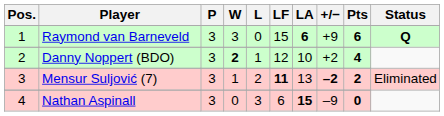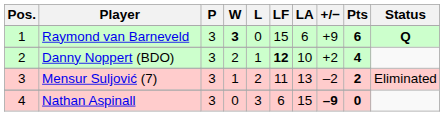 <table class="wikitable" style="text-align:center; margin: 1em auto 1em auto, align:left">
 <tr>
 <th width=20>Pos.</th>
 <th width=185>Player</th>
 <th width=20>P</th>
 <th width=20>W</th>
 <th width=20>L</th>
 <th width=20>LF</th>
 <th width=20>LA</th>
 <th width=25>+/−</th>
 <th width=20>Pts</th>
 <th width=70>Status</th>
 </tr>
 <tr>
 </tr>
 <tr style="background:#CCFFCC;">
 <td>1</td>
 <td align=left> <a href='#'>Raymond van Barneveld</a></td>
 <td>3</td>
-<td>3</td>
+<td><strong>3</strong></td>
 <td>0</td>
 <td>15</td>
-<td><strong>6</strong></td>
+<td>6</td>
 <td>+9</td>
 <td><strong>6</strong></td>
 <td rowspan=2><strong>Q</strong></td>
 </tr>
 <tr>
 </tr>
 <tr style="background:#CCFFCC;">
 <td>2</td>
 <td align=left> <a href='#'>Danny Noppert</a> (BDO)</td>
 <td>3</td>
-<td><strong>2</strong></td>
+<td>2</td>
 <td>1</td>
-<td>12</td>
+<td><strong>12</strong></td>
 <td>10</td>
 <td>+2</td>
 <td><strong>4</strong></td>
 </tr>
 <tr>
 </tr>
 <tr style="background:#FFCCCC;">
 <td>3</td>
 <td align=left> <a href='#'>Mensur Suljović</a> (7)</td>
 <td>3</td>
 <td>1</td>
 <td>2</td>
-<td><strong>11</strong></td>
+<td>11</td>
 <td>13</td>
-<td><strong>–2</strong></td>
+<td>–2</td>
 <td><strong>2</strong></td>
 <td rowspan=2>Eliminated</td>
 </tr>
 <tr>
 </tr>
 <tr style="background:#FFCCCC;">
 <td>4</td>
 <td align=left> <a href='#'>Nathan Aspinall</a></td>
 <td>3</td>
 <td>0</td>
 <td>3</td>
 <td>6</td>
-<td><strong>15</strong></td>
-<td>–9</td>
+<td>15</td>
+<td><strong>–9</strong></td>
 <td><strong>0</strong></td>
 </tr>
 </table>
